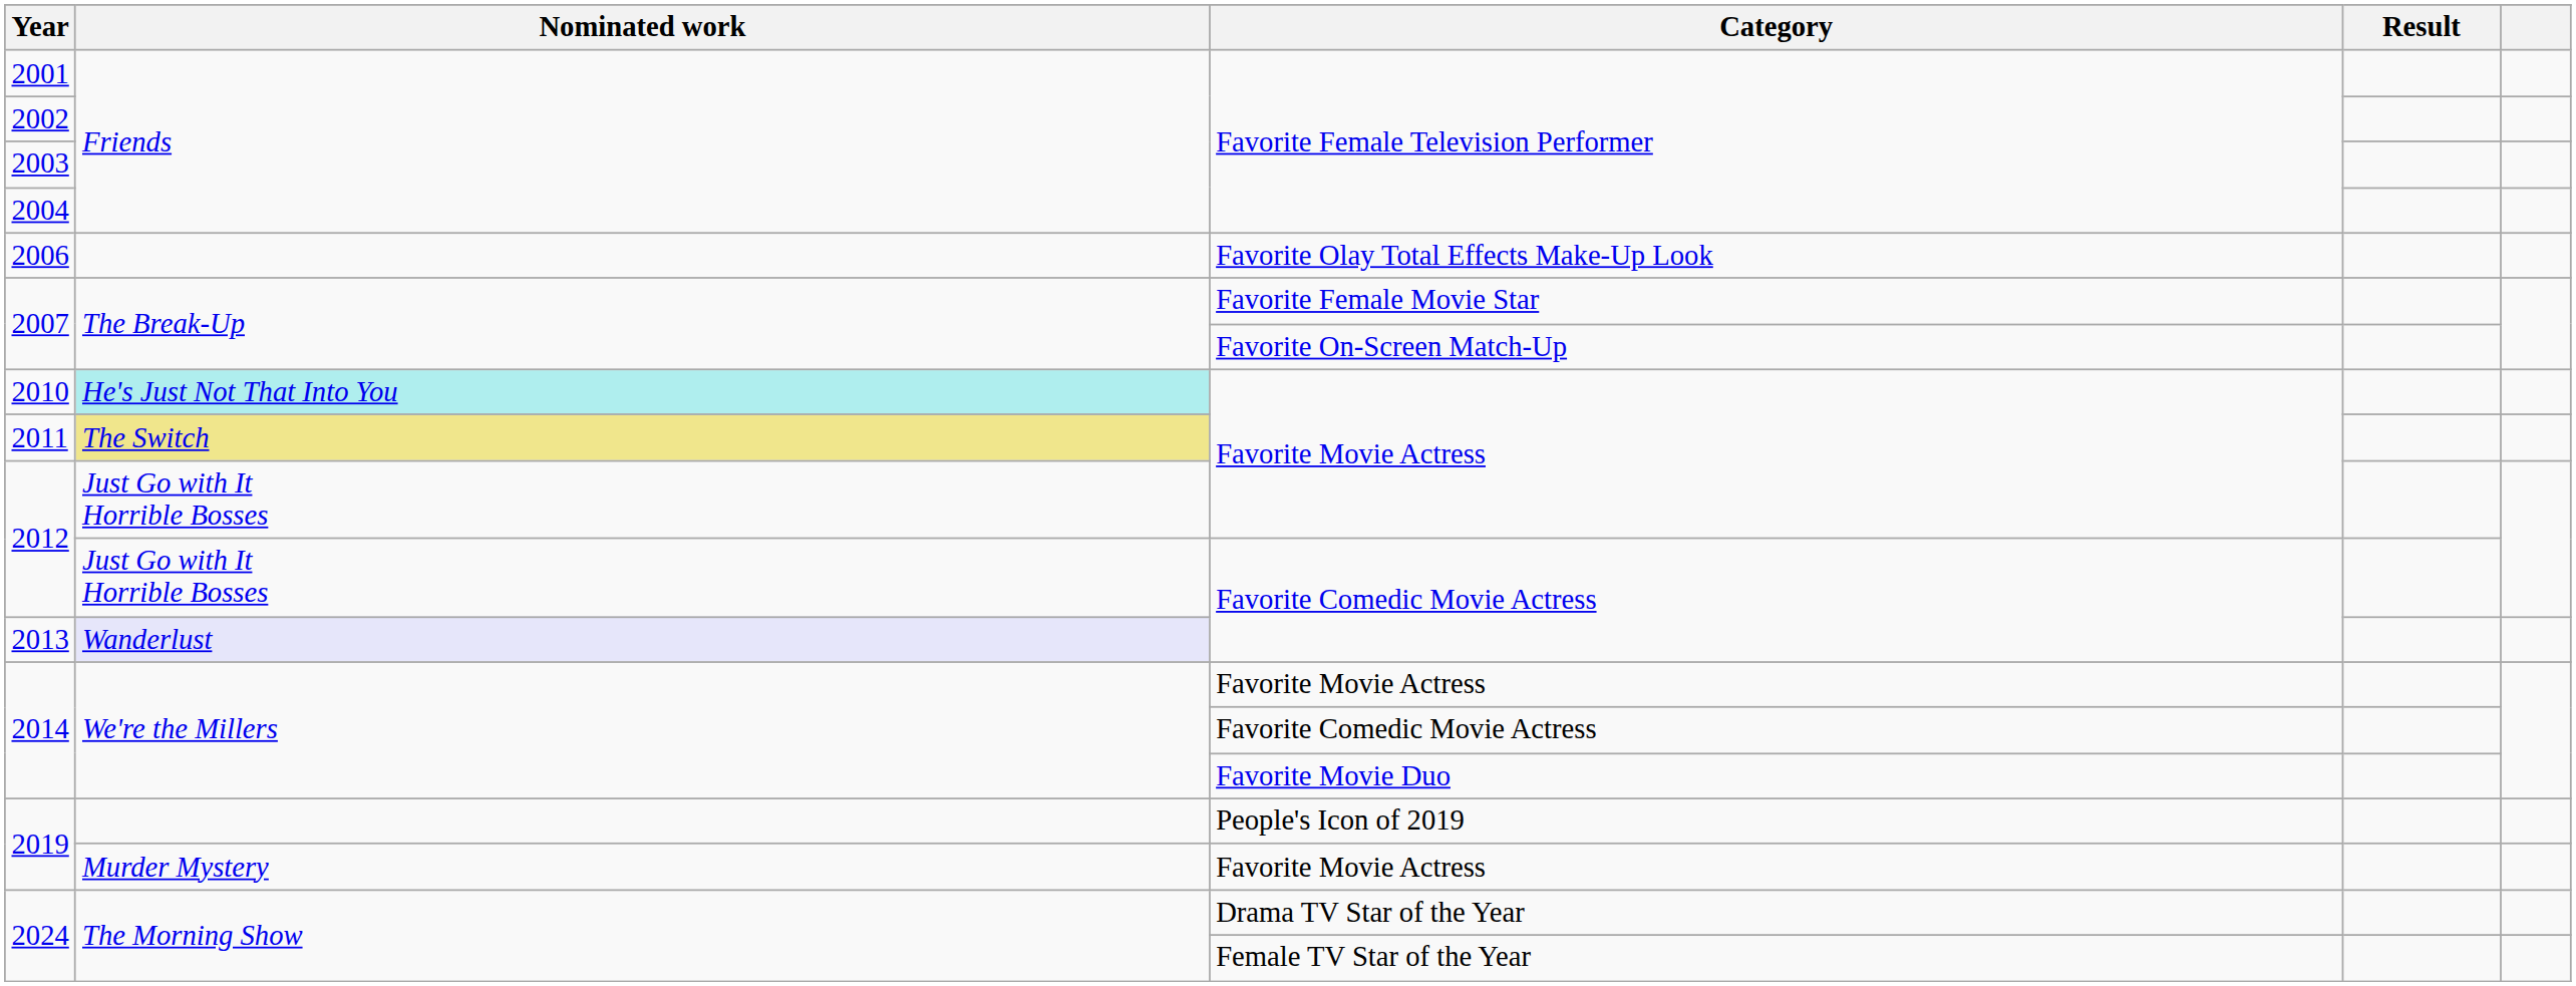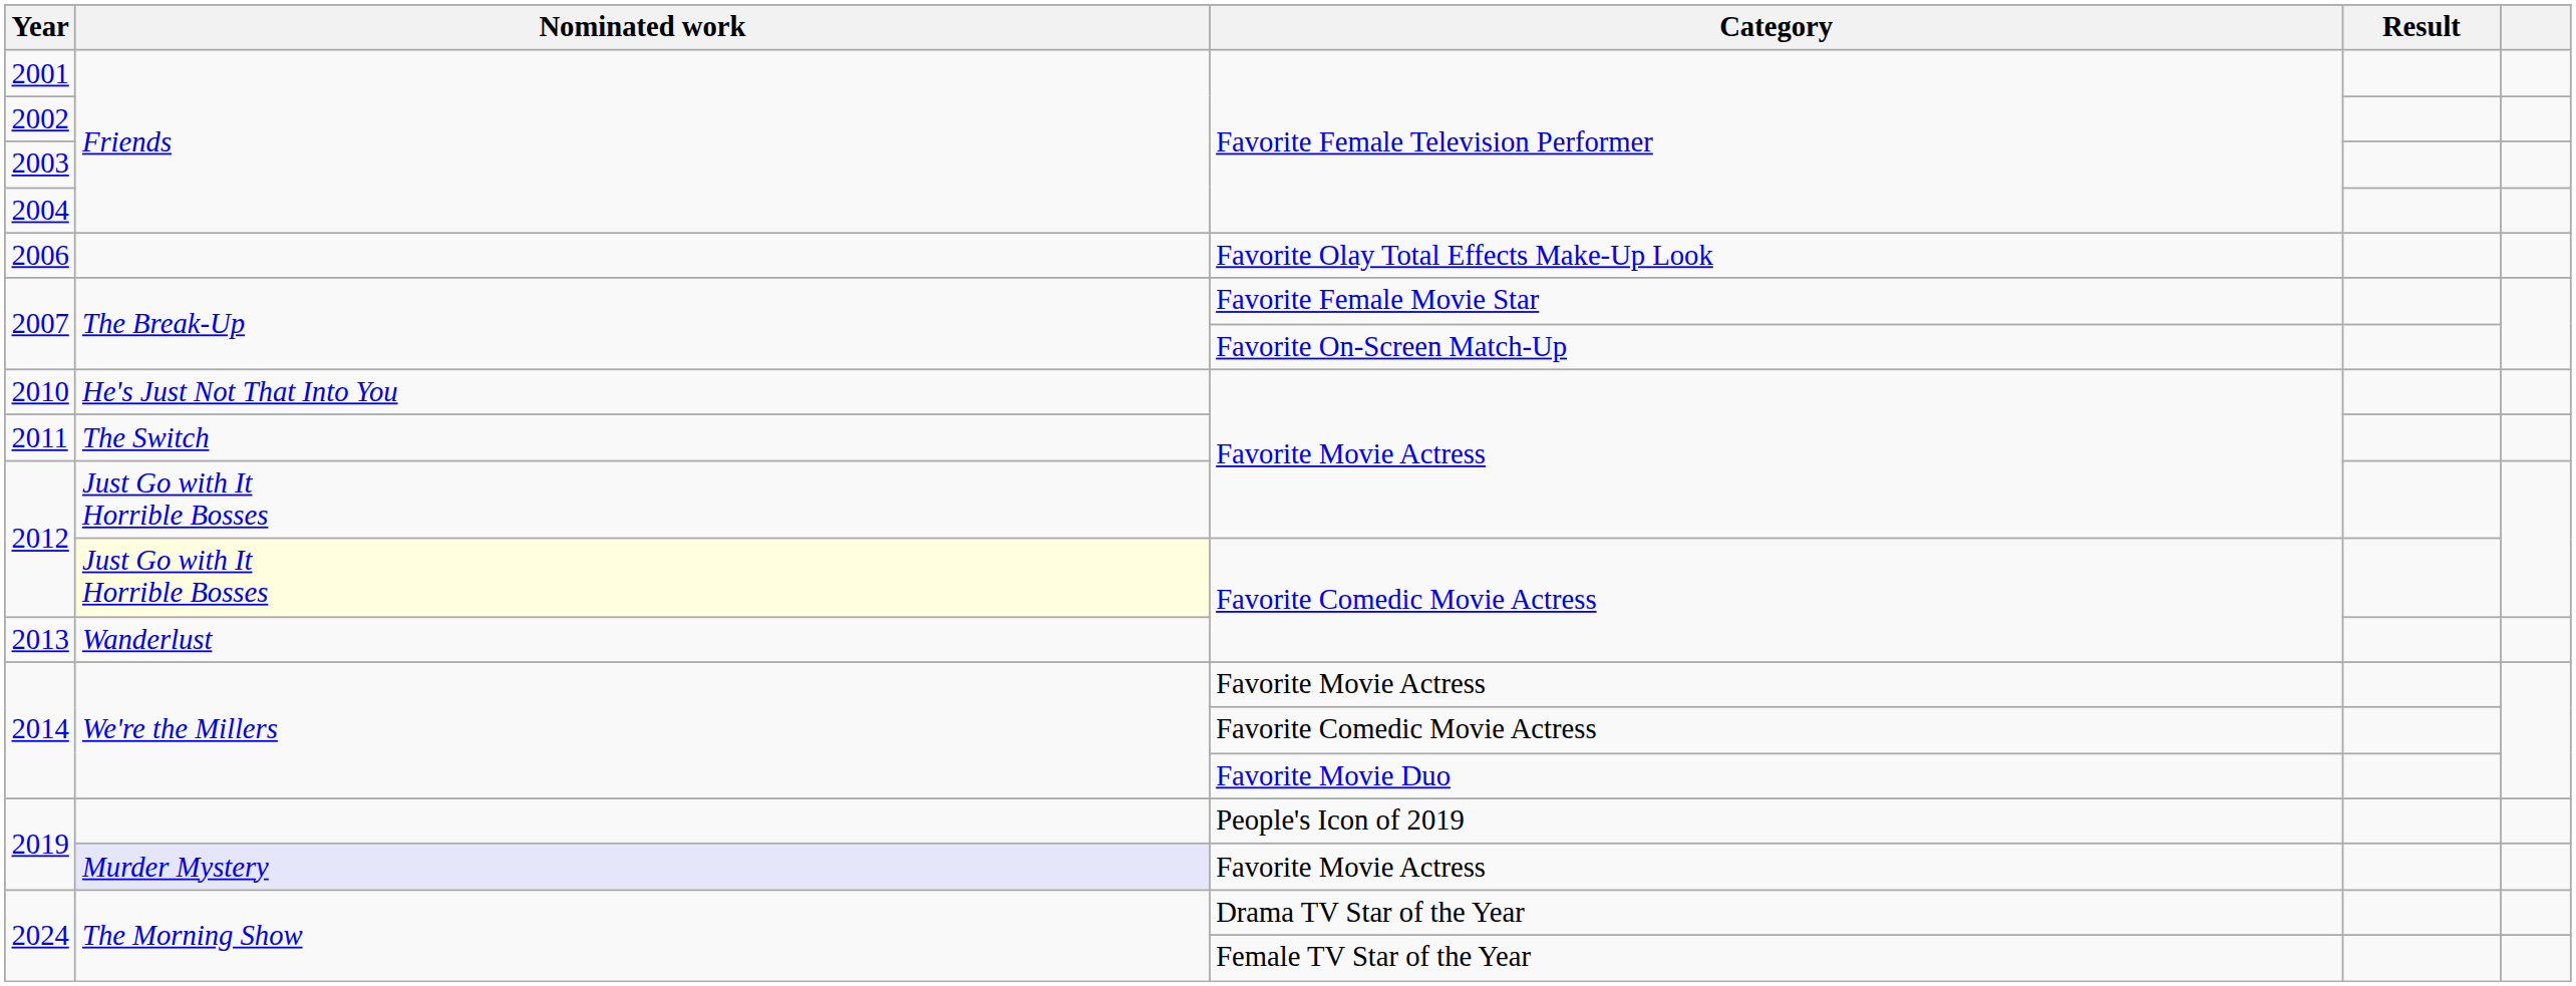 <table class="wikitable sortable">
 <tr>
 <th scope="col" style="width:1em;">Year</th>
 <th scope="col" style="width:39em;">Nominated work</th>
 <th scope="col" style="width:39em;">Category</th>
 <th scope="col" style="width:5em;">Result</th>
 <th scope="col" style="width:2em;" class="unsortable"></th>
 </tr>
 <tr>
 <td><a href='#'>2001</a></td>
 <td rowspan="4"><em><a href='#'>Friends</a></em></td>
 <td rowspan="4"><a href='#'>Favorite Female Television Performer</a></td>
 <td></td>
 <td></td>
 </tr>
 <tr>
 <td><a href='#'>2002</a></td>
 <td></td>
 <td></td>
 </tr>
 <tr>
 <td><a href='#'>2003</a></td>
 <td></td>
 <td></td>
 </tr>
 <tr>
 <td><a href='#'>2004</a></td>
 <td></td>
 <td></td>
 </tr>
 <tr>
 <td><a href='#'>2006</a></td>
 <td></td>
 <td><a href='#'>Favorite Olay Total Effects Make-Up Look</a></td>
 <td></td>
 <td></td>
 </tr>
 <tr>
 <td rowspan="2"><a href='#'>2007</a></td>
 <td rowspan="2"><em><a href='#'>The Break-Up</a></em></td>
 <td><a href='#'>Favorite Female Movie Star</a></td>
 <td></td>
 <td rowspan="2"></td>
 </tr>
 <tr>
 <td><a href='#'>Favorite On-Screen Match-Up</a></td>
 <td></td>
 </tr>
 <tr>
 <td><a href='#'>2010</a></td>
-<td style="background: paleturquoise;"><em><a href='#'>He's Just Not That Into You</a></em></td>
+<td><em><a href='#'>He's Just Not That Into You</a></em></td>
 <td rowspan="3"><a href='#'>Favorite Movie Actress</a></td>
 <td></td>
 <td></td>
 </tr>
 <tr>
 <td><a href='#'>2011</a></td>
-<td style="background: khaki;"><em><a href='#'>The Switch</a></em></td>
+<td><em><a href='#'>The Switch</a></em></td>
 <td></td>
 <td></td>
 </tr>
 <tr>
 <td rowspan="2"><a href='#'>2012</a></td>
 <td><em><a href='#'>Just Go with It</a></em><br><em><a href='#'>Horrible Bosses</a></em></td>
 <td></td>
 <td rowspan="2"></td>
 </tr>
 <tr>
-<td><em><a href='#'>Just Go with It</a></em><br><em><a href='#'>Horrible Bosses</a></em></td>
+<td style="background: lightyellow;"><em><a href='#'>Just Go with It</a></em><br><em><a href='#'>Horrible Bosses</a></em></td>
 <td rowspan="2"><a href='#'>Favorite Comedic Movie Actress</a></td>
 <td></td>
 </tr>
 <tr>
 <td><a href='#'>2013</a></td>
-<td style="background: lavender;"><em><a href='#'>Wanderlust</a></em></td>
+<td><em><a href='#'>Wanderlust</a></em></td>
 <td></td>
 <td></td>
 </tr>
 <tr>
 <td rowspan="3"><a href='#'>2014</a></td>
 <td rowspan="3"><em><a href='#'>We're the Millers</a></em></td>
 <td>Favorite Movie Actress</td>
 <td></td>
 <td rowspan="3"></td>
 </tr>
 <tr>
 <td>Favorite Comedic Movie Actress</td>
 <td></td>
 </tr>
 <tr>
 <td><a href='#'>Favorite Movie Duo</a></td>
 <td></td>
 </tr>
 <tr>
 <td rowspan="2"><a href='#'>2019</a></td>
 <td></td>
 <td>People's Icon of 2019</td>
 <td></td>
 <td></td>
 </tr>
 <tr>
-<td><em><a href='#'>Murder Mystery</a></em></td>
+<td style="background: lavender;"><em><a href='#'>Murder Mystery</a></em></td>
 <td>Favorite Movie Actress</td>
 <td></td>
 <td></td>
 </tr>
 <tr>
 <td rowspan=2><a href='#'>2024</a></td>
 <td rowspan=2><em><a href='#'>The Morning Show</a></em></td>
 <td>Drama TV Star of the Year</td>
 <td></td>
 <td></td>
 </tr>
 <tr>
 <td>Female TV Star of the Year</td>
 <td></td>
 <td></td>
 </tr>
 <tr>
 </tr>
 </table>
